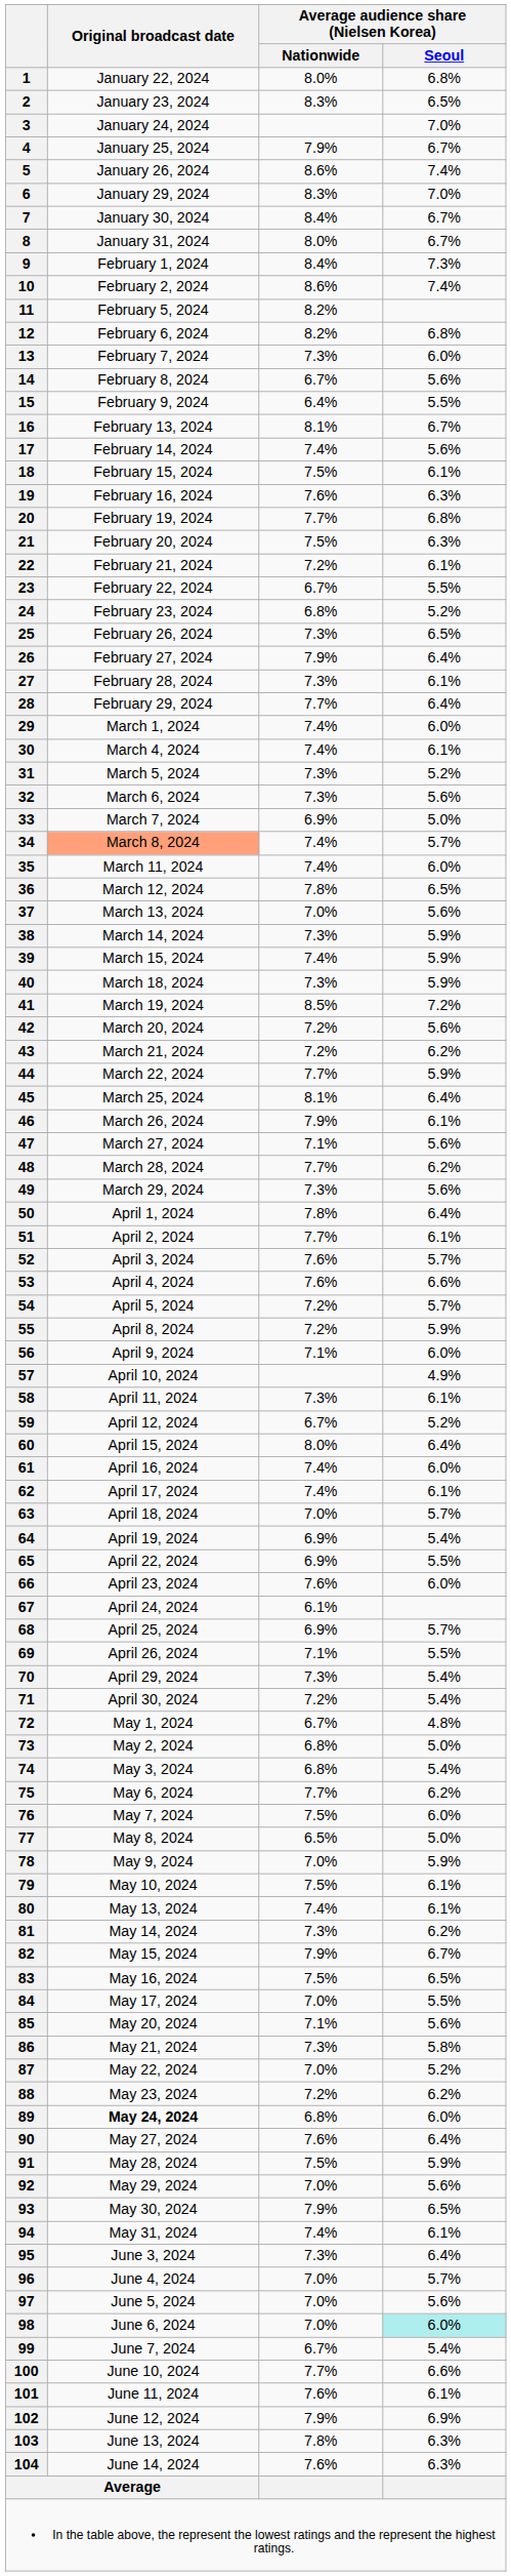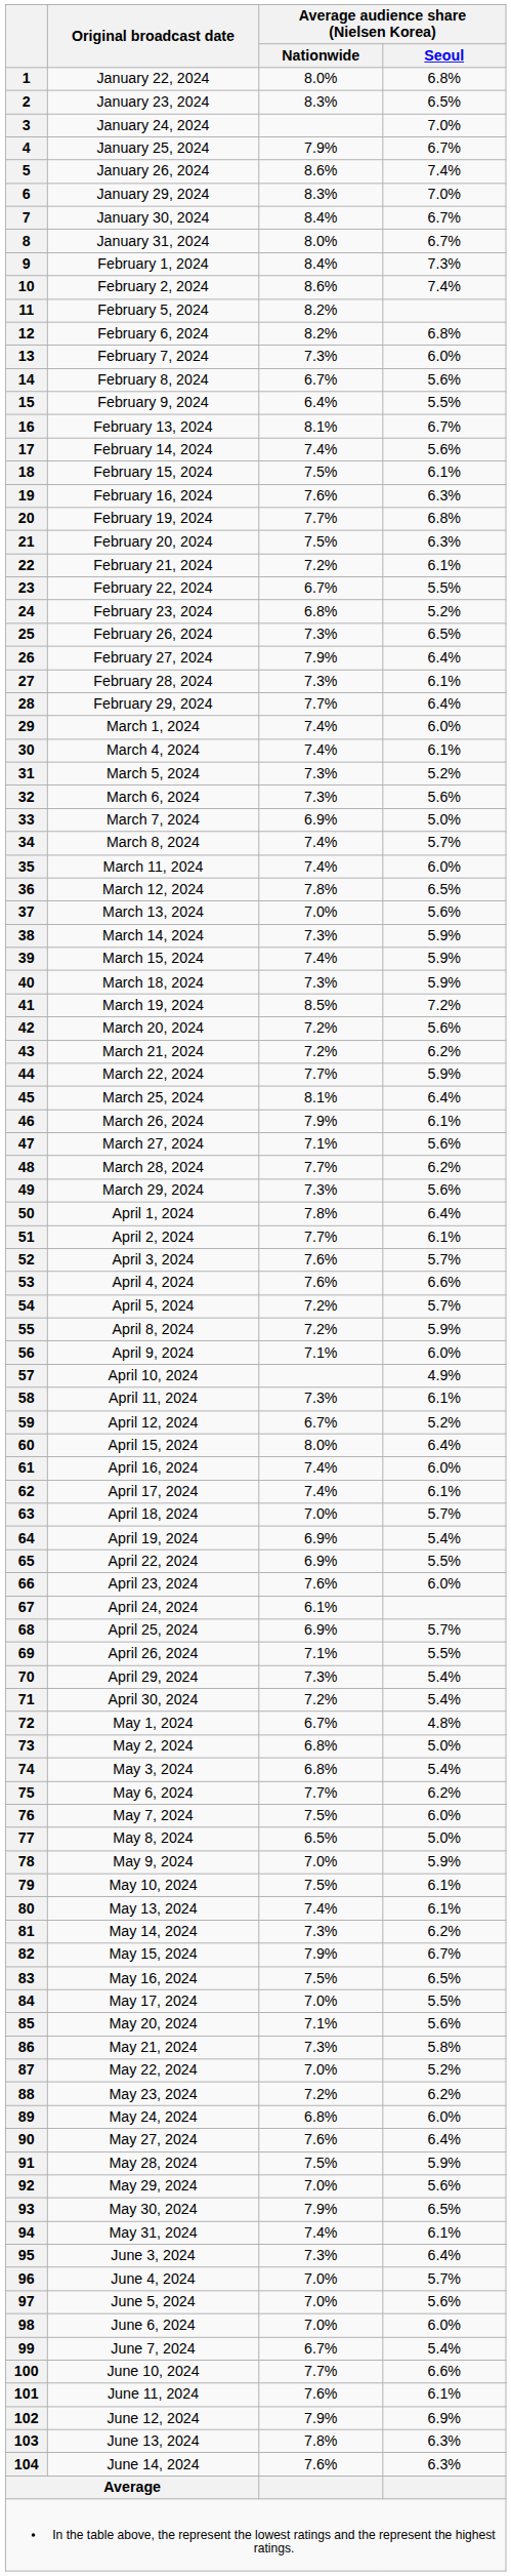 <table class="wikitable" style="margin-left:auto; margin-right:auto; width:550px; text-align:center">
 <tr>
 <th scope="col" rowspan="2"></th>
 <th scope="col" rowspan="2">Original broadcast date</th>
 <th scope="col" colspan="2">Average audience share<br>(Nielsen Korea)</th>
 </tr>
 <tr>
 <th scope="col" style="width:8em">Nationwide</th>
 <th scope="col" style="width:8em"><a href='#'>Seoul</a></th>
 </tr>
 <tr>
 <th scope="col">1</th>
 <td>January 22, 2024</td>
 <td>8.0% </td>
 <td>6.8% </td>
 </tr>
 <tr>
 <th scope="col">2</th>
 <td>January 23, 2024</td>
 <td>8.3% </td>
 <td>6.5% </td>
 </tr>
 <tr>
 <th scope="col">3</th>
 <td>January 24, 2024</td>
 <td><strong></strong> </td>
 <td>7.0% </td>
 </tr>
 <tr>
 <th scope="col">4</th>
 <td>January 25, 2024</td>
 <td>7.9% </td>
 <td>6.7% </td>
 </tr>
 <tr>
 <th scope="col">5</th>
 <td>January 26, 2024</td>
 <td>8.6% </td>
 <td>7.4% </td>
 </tr>
 <tr>
 <th scope="col">6</th>
 <td>January 29, 2024</td>
 <td>8.3% </td>
 <td>7.0% </td>
 </tr>
 <tr>
 <th scope="col">7</th>
 <td>January 30, 2024</td>
 <td>8.4% </td>
 <td>6.7% </td>
 </tr>
 <tr>
 <th scope="col">8</th>
 <td>January 31, 2024</td>
 <td>8.0% </td>
 <td>6.7% </td>
 </tr>
 <tr>
 <th scope="col">9</th>
 <td>February 1, 2024</td>
 <td>8.4% </td>
 <td>7.3% </td>
 </tr>
 <tr>
 <th scope="col">10</th>
 <td>February 2, 2024</td>
 <td>8.6% </td>
 <td>7.4% </td>
 </tr>
 <tr>
 <th scope="col">11</th>
 <td>February 5, 2024</td>
 <td>8.2% </td>
 <td><strong></strong> </td>
 </tr>
 <tr>
 <th scope="col">12</th>
 <td>February 6, 2024</td>
 <td>8.2% </td>
 <td>6.8% </td>
 </tr>
 <tr>
 <th scope="col">13</th>
 <td>February 7, 2024</td>
 <td>7.3% </td>
 <td>6.0% </td>
 </tr>
 <tr>
 <th scope="col">14</th>
 <td>February 8, 2024</td>
 <td>6.7% </td>
 <td>5.6% </td>
 </tr>
 <tr>
 <th scope="col">15</th>
 <td>February 9, 2024</td>
 <td>6.4% </td>
 <td>5.5% </td>
 </tr>
 <tr>
 <th scope="col">16</th>
 <td>February 13, 2024</td>
 <td>8.1% </td>
 <td>6.7% </td>
 </tr>
 <tr>
 <th scope="col">17</th>
 <td>February 14, 2024</td>
 <td>7.4% </td>
 <td>5.6% </td>
 </tr>
 <tr>
 <th scope="col">18</th>
 <td>February 15, 2024</td>
 <td>7.5% </td>
 <td>6.1% </td>
 </tr>
 <tr>
 <th scope="col">19</th>
 <td>February 16, 2024</td>
 <td>7.6% </td>
 <td>6.3% </td>
 </tr>
 <tr>
 <th scope="col">20</th>
 <td>February 19, 2024</td>
 <td>7.7% </td>
 <td>6.8% </td>
 </tr>
 <tr>
 <th scope="col">21</th>
 <td>February 20, 2024</td>
 <td>7.5% </td>
 <td>6.3% </td>
 </tr>
 <tr>
 <th scope="col">22</th>
 <td>February 21, 2024</td>
 <td>7.2% </td>
 <td>6.1% </td>
 </tr>
 <tr>
 <th scope="col">23</th>
 <td>February 22, 2024</td>
 <td>6.7% </td>
 <td>5.5% </td>
 </tr>
 <tr>
 <th scope="col">24</th>
 <td>February 23, 2024</td>
 <td>6.8% </td>
 <td>5.2% </td>
 </tr>
 <tr>
 <th scope="col">25</th>
 <td>February 26, 2024</td>
 <td>7.3% </td>
 <td>6.5% </td>
 </tr>
 <tr>
 <th scope="col">26</th>
 <td>February 27, 2024</td>
 <td>7.9% </td>
 <td>6.4% </td>
 </tr>
 <tr>
 <th scope="col">27</th>
 <td>February 28, 2024</td>
 <td>7.3% </td>
 <td>6.1% </td>
 </tr>
 <tr>
 <th scope="col">28</th>
 <td>February 29, 2024</td>
 <td>7.7% </td>
 <td>6.4% </td>
 </tr>
 <tr>
 <th scope="col">29</th>
 <td>March 1, 2024</td>
 <td>7.4% </td>
 <td>6.0% </td>
 </tr>
 <tr>
 <th scope="col">30</th>
 <td>March 4, 2024</td>
 <td>7.4% </td>
 <td>6.1% </td>
 </tr>
 <tr>
 <th scope="col">31</th>
 <td>March 5, 2024</td>
 <td>7.3% </td>
 <td>5.2% </td>
 </tr>
 <tr>
 <th scope="col">32</th>
 <td>March 6, 2024</td>
 <td>7.3% </td>
 <td>5.6% </td>
 </tr>
 <tr>
 <th scope="col">33</th>
 <td>March 7, 2024</td>
 <td>6.9% </td>
 <td>5.0% </td>
 </tr>
 <tr>
 <th scope="col">34</th>
-<td style="background: lightsalmon;">March 8, 2024</td>
+<td>March 8, 2024</td>
 <td>7.4% </td>
 <td>5.7% </td>
 </tr>
 <tr>
 <th scope="col">35</th>
 <td>March 11, 2024</td>
 <td>7.4% </td>
 <td>6.0% </td>
 </tr>
 <tr>
 <th scope="col">36</th>
 <td>March 12, 2024</td>
 <td>7.8% </td>
 <td>6.5% </td>
 </tr>
 <tr>
 <th scope="col">37</th>
 <td>March 13, 2024</td>
 <td>7.0% </td>
 <td>5.6% </td>
 </tr>
 <tr>
 <th scope="col">38</th>
 <td>March 14, 2024</td>
 <td>7.3% </td>
 <td>5.9% </td>
 </tr>
 <tr>
 <th scope="col">39</th>
 <td>March 15, 2024</td>
 <td>7.4% </td>
 <td>5.9% </td>
 </tr>
 <tr>
 <th scope="col">40</th>
 <td>March 18, 2024</td>
 <td>7.3% </td>
 <td>5.9% </td>
 </tr>
 <tr>
 <th scope="col">41</th>
 <td>March 19, 2024</td>
 <td>8.5% </td>
 <td>7.2% </td>
 </tr>
 <tr>
 <th scope="col">42</th>
 <td>March 20, 2024</td>
 <td>7.2% </td>
 <td>5.6% </td>
 </tr>
 <tr>
 <th scope="col">43</th>
 <td>March 21, 2024</td>
 <td>7.2% </td>
 <td>6.2% </td>
 </tr>
 <tr>
 <th scope="col">44</th>
 <td>March 22, 2024</td>
 <td>7.7% </td>
 <td>5.9% </td>
 </tr>
 <tr>
 <th scope="col">45</th>
 <td>March 25, 2024</td>
 <td>8.1% </td>
 <td>6.4% </td>
 </tr>
 <tr>
 <th scope="col">46</th>
 <td>March 26, 2024</td>
 <td>7.9% </td>
 <td>6.1% </td>
 </tr>
 <tr>
 <th scope="col">47</th>
 <td>March 27, 2024</td>
 <td>7.1% </td>
 <td>5.6% </td>
 </tr>
 <tr>
 <th scope="col">48</th>
 <td>March 28, 2024</td>
 <td>7.7% </td>
 <td>6.2% </td>
 </tr>
 <tr>
 <th scope="col">49</th>
 <td>March 29, 2024</td>
 <td>7.3% </td>
 <td>5.6% </td>
 </tr>
 <tr>
 <th scope="col">50</th>
 <td>April 1, 2024</td>
 <td>7.8% </td>
 <td>6.4% </td>
 </tr>
 <tr>
 <th scope="col">51</th>
 <td>April 2, 2024</td>
 <td>7.7% </td>
 <td>6.1% </td>
 </tr>
 <tr>
 <th scope="col">52</th>
 <td>April 3, 2024</td>
 <td>7.6% </td>
 <td>5.7% </td>
 </tr>
 <tr>
 <th scope="col">53</th>
 <td>April 4, 2024</td>
 <td>7.6% </td>
 <td>6.6% </td>
 </tr>
 <tr>
 <th scope="col">54</th>
 <td>April 5, 2024</td>
 <td>7.2% </td>
 <td>5.7% </td>
 </tr>
 <tr>
 <th scope="col">55</th>
 <td>April 8, 2024</td>
 <td>7.2% </td>
 <td>5.9% </td>
 </tr>
 <tr>
 <th scope="col">56</th>
 <td>April 9, 2024</td>
 <td>7.1% </td>
 <td>6.0% </td>
 </tr>
 <tr>
 <th scope="col">57</th>
 <td>April 10, 2024</td>
 <td><strong></strong> </td>
 <td>4.9% </td>
 </tr>
 <tr>
 <th scope="col">58</th>
 <td>April 11, 2024</td>
 <td>7.3% </td>
 <td>6.1% </td>
 </tr>
 <tr>
 <th scope="col">59</th>
 <td>April 12, 2024</td>
 <td>6.7% </td>
 <td>5.2% </td>
 </tr>
 <tr>
 <th scope="col">60</th>
 <td>April 15, 2024</td>
 <td>8.0% </td>
 <td>6.4% </td>
 </tr>
 <tr>
 <th scope="col">61</th>
 <td>April 16, 2024</td>
 <td>7.4% </td>
 <td>6.0% </td>
 </tr>
 <tr>
 <th scope="col">62</th>
 <td>April 17, 2024</td>
 <td>7.4% </td>
 <td>6.1% </td>
 </tr>
 <tr>
 <th scope="col">63</th>
 <td>April 18, 2024</td>
 <td>7.0% </td>
 <td>5.7% </td>
 </tr>
 <tr>
 <th scope="col">64</th>
 <td>April 19, 2024</td>
 <td>6.9% </td>
 <td>5.4% </td>
 </tr>
 <tr>
 <th scope="col">65</th>
 <td>April 22, 2024</td>
 <td>6.9% </td>
 <td>5.5% </td>
 </tr>
 <tr>
 <th scope="col">66</th>
 <td>April 23, 2024</td>
 <td>7.6% </td>
 <td>6.0% </td>
 </tr>
 <tr>
 <th scope="col">67</th>
 <td>April 24, 2024</td>
 <td>6.1% </td>
 <td><strong></strong> </td>
 </tr>
 <tr>
 <th scope="col">68</th>
 <td>April 25, 2024</td>
 <td>6.9% </td>
 <td>5.7% </td>
 </tr>
 <tr>
 <th scope="col">69</th>
 <td>April 26, 2024</td>
 <td>7.1% </td>
 <td>5.5% </td>
 </tr>
 <tr>
 <th scope="col">70</th>
 <td>April 29, 2024</td>
 <td>7.3% </td>
 <td>5.4% </td>
 </tr>
 <tr>
 <th scope="col">71</th>
 <td>April 30, 2024</td>
 <td>7.2% </td>
 <td>5.4% </td>
 </tr>
 <tr>
 <th scope="col">72</th>
 <td>May 1, 2024</td>
 <td>6.7% </td>
 <td>4.8% </td>
 </tr>
 <tr>
 <th scope="col">73</th>
 <td>May 2, 2024</td>
 <td>6.8% </td>
 <td>5.0% </td>
 </tr>
 <tr>
 <th scope="col">74</th>
 <td>May 3, 2024</td>
 <td>6.8% </td>
 <td>5.4% </td>
 </tr>
 <tr>
 <th scope="col">75</th>
 <td>May 6, 2024</td>
 <td>7.7% </td>
 <td>6.2% </td>
 </tr>
 <tr>
 <th scope="col">76</th>
 <td>May 7, 2024</td>
 <td>7.5% </td>
 <td>6.0% </td>
 </tr>
 <tr>
 <th scope="col">77</th>
 <td>May 8, 2024</td>
 <td>6.5% </td>
 <td>5.0% </td>
 </tr>
 <tr>
 <th scope="col">78</th>
 <td>May 9, 2024</td>
 <td>7.0% </td>
 <td>5.9% </td>
 </tr>
 <tr>
 <th scope="col">79</th>
 <td>May 10, 2024</td>
 <td>7.5% </td>
 <td>6.1% </td>
 </tr>
 <tr>
 <th scope="col">80</th>
 <td>May 13, 2024</td>
 <td>7.4% </td>
 <td>6.1% </td>
 </tr>
 <tr>
 <th scope="col">81</th>
 <td>May 14, 2024</td>
 <td>7.3% </td>
 <td>6.2% </td>
 </tr>
 <tr>
 <th scope="col">82</th>
 <td>May 15, 2024</td>
 <td>7.9% </td>
 <td>6.7% </td>
 </tr>
 <tr>
 <th scope="col">83</th>
 <td>May 16, 2024</td>
 <td>7.5% </td>
 <td>6.5% </td>
 </tr>
 <tr>
 <th scope="col">84</th>
 <td>May 17, 2024</td>
 <td>7.0% </td>
 <td>5.5% </td>
 </tr>
 <tr>
 <th scope="col">85</th>
 <td>May 20, 2024</td>
 <td>7.1% </td>
 <td>5.6% </td>
 </tr>
 <tr>
 <th scope="col">86</th>
 <td>May 21, 2024</td>
 <td>7.3% </td>
 <td>5.8% </td>
 </tr>
 <tr>
 <th scope="col">87</th>
 <td>May 22, 2024</td>
 <td>7.0% </td>
 <td>5.2% </td>
 </tr>
 <tr>
 <th scope="col">88</th>
 <td>May 23, 2024</td>
 <td>7.2% </td>
 <td>6.2% </td>
 </tr>
 <tr>
 <th scope="col">89</th>
-<td><strong>May 24, 2024</strong></td>
+<td>May 24, 2024</td>
 <td>6.8% </td>
 <td>6.0% </td>
 </tr>
 <tr>
 <th scope="col">90</th>
 <td>May 27, 2024</td>
 <td>7.6% </td>
 <td>6.4% </td>
 </tr>
 <tr>
 <th scope="col">91</th>
 <td>May 28, 2024</td>
 <td>7.5% </td>
 <td>5.9% </td>
 </tr>
 <tr>
 <th scope="col">92</th>
 <td>May 29, 2024</td>
 <td>7.0% </td>
 <td>5.6% </td>
 </tr>
 <tr>
 <th scope="col">93</th>
 <td>May 30, 2024</td>
 <td>7.9% </td>
 <td>6.5% </td>
 </tr>
 <tr>
 <th scope="col">94</th>
 <td>May 31, 2024</td>
 <td>7.4% </td>
 <td>6.1% </td>
 </tr>
 <tr>
 <th scope="col">95</th>
 <td>June 3, 2024</td>
 <td>7.3% </td>
 <td>6.4% </td>
 </tr>
 <tr>
 <th scope="col">96</th>
 <td>June 4, 2024</td>
 <td>7.0% </td>
 <td>5.7% </td>
 </tr>
 <tr>
 <th scope="col">97</th>
 <td>June 5, 2024</td>
 <td>7.0% </td>
 <td>5.6% </td>
 </tr>
 <tr>
 <th scope="col">98</th>
 <td>June 6, 2024</td>
 <td>7.0% </td>
-<td style="background: paleturquoise;">6.0% </td>
+<td>6.0% </td>
 </tr>
 <tr>
 <th scope="col">99</th>
 <td>June 7, 2024</td>
 <td>6.7% </td>
 <td>5.4% </td>
 </tr>
 <tr>
 <th scope="col">100</th>
 <td>June 10, 2024</td>
 <td>7.7% </td>
 <td>6.6% </td>
 </tr>
 <tr>
 <th scope="col">101</th>
 <td>June 11, 2024</td>
 <td>7.6% </td>
 <td>6.1% </td>
 </tr>
 <tr>
 <th scope="col">102</th>
 <td>June 12, 2024</td>
 <td>7.9% </td>
 <td>6.9% </td>
 </tr>
 <tr>
 <th scope="col">103</th>
 <td>June 13, 2024</td>
 <td>7.8% </td>
 <td>6.3% </td>
 </tr>
 <tr>
 <th scope="col">104</th>
 <td>June 14, 2024</td>
 <td>7.6% </td>
 <td>6.3% </td>
 </tr>
 <tr>
 <th scope="col" colspan="2">Average</th>
 <th scope="col"></th>
 <th scope="col"></th>
 </tr>
 <tr>
 <td colspan="5" style="font-size:85%"><br><ul><li>In the table above, the <strong></strong> represent the lowest ratings and the <strong></strong> represent the highest ratings.</li></ul></td>
 </tr>
 </table>
